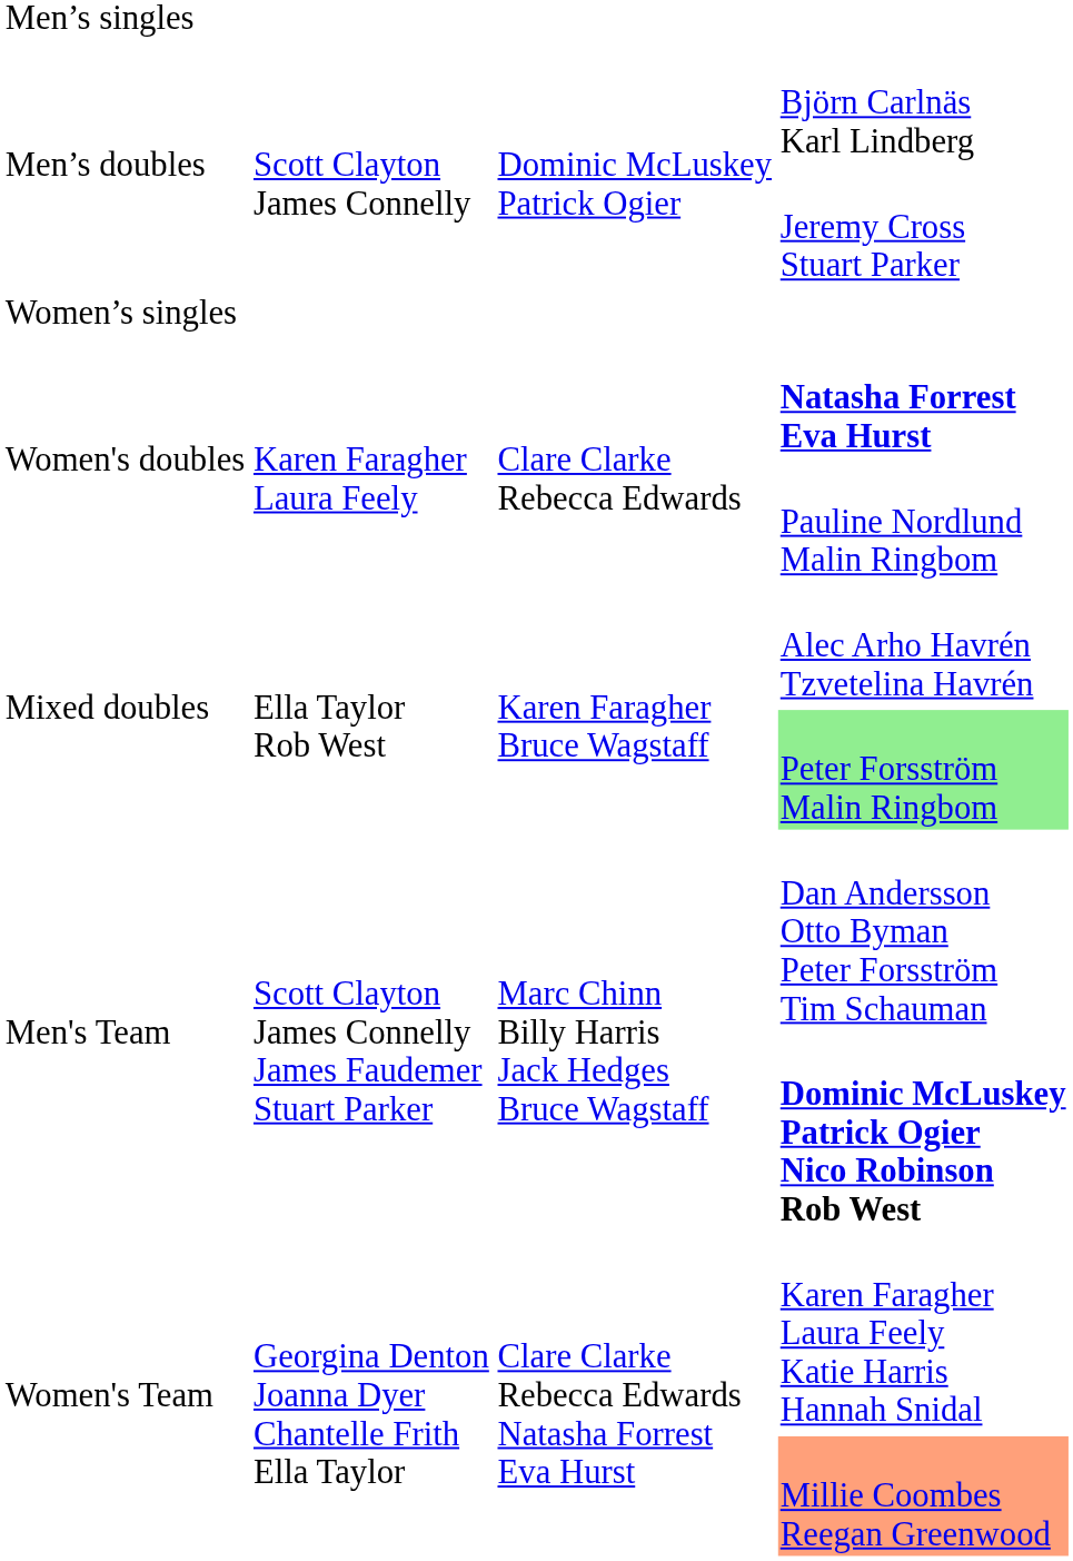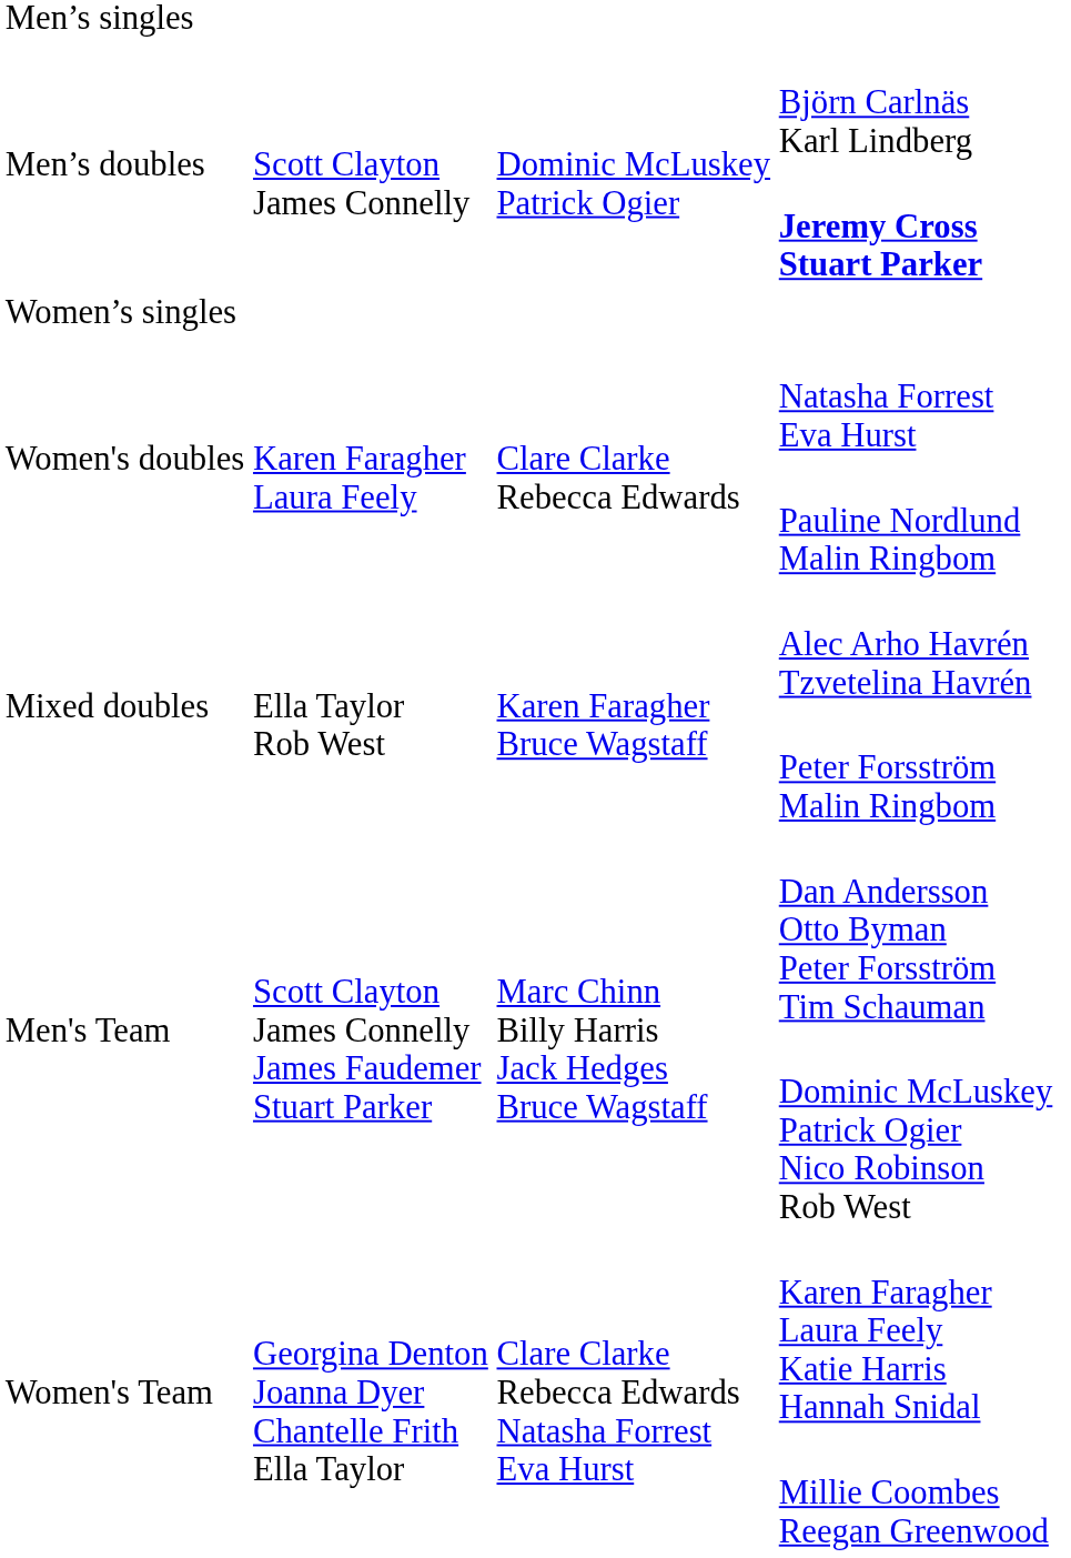 <table>
 <tr>
 <td Rowspan=2>Men’s singles</td>
 <td Rowspan=2></td>
 <td Rowspan=2></td>
 <td></td>
 </tr>
 <tr>
 <td></td>
 </tr>
 <tr>
 <td Rowspan=2>Men’s doubles</td>
 <td Rowspan=2><br><a href='#'>Scott Clayton</a><br>James Connelly</td>
 <td Rowspan=2><br><a href='#'>Dominic McLuskey</a><br><a href='#'>Patrick Ogier</a></td>
 <td><br><a href='#'>Björn Carlnäs</a><br>Karl Lindberg</td>
 </tr>
 <tr>
-<td><br><a href='#'>Jeremy Cross</a><br><a href='#'>Stuart Parker</a></td>
+<td><strong><br><a href='#'>Jeremy Cross</a><br><a href='#'>Stuart Parker</a></strong></td>
 </tr>
 <tr>
 <td Rowspan=2>Women’s singles</td>
 <td Rowspan=2></td>
 <td Rowspan=2></td>
 <td></td>
 </tr>
 <tr>
 <td></td>
 </tr>
 <tr>
 <td Rowspan=2>Women's doubles</td>
 <td Rowspan=2><br><a href='#'>Karen Faragher</a><br><a href='#'>Laura Feely</a></td>
 <td Rowspan=2><br><a href='#'>Clare Clarke</a><br>Rebecca Edwards</td>
-<td><strong><br><a href='#'>Natasha Forrest</a><br><a href='#'>Eva Hurst</a></strong></td>
+<td><br><a href='#'>Natasha Forrest</a><br><a href='#'>Eva Hurst</a></td>
 </tr>
 <tr>
 <td><br><a href='#'>Pauline Nordlund</a><br><a href='#'>Malin Ringbom</a></td>
 </tr>
 <tr>
 <td Rowspan=2>Mixed doubles</td>
 <td Rowspan=2><br>Ella Taylor<br>Rob West</td>
 <td Rowspan=2><br><a href='#'>Karen Faragher</a><br><a href='#'>Bruce Wagstaff</a></td>
 <td><br><a href='#'>Alec Arho Havrén</a><br><a href='#'>Tzvetelina Havrén</a></td>
 </tr>
 <tr>
-<td style="background: lightgreen;"><br><a href='#'>Peter Forsström</a><br><a href='#'>Malin Ringbom</a></td>
+<td><br><a href='#'>Peter Forsström</a><br><a href='#'>Malin Ringbom</a></td>
 </tr>
 <tr>
 <td Rowspan=2>Men's Team</td>
 <td Rowspan=2><br><a href='#'>Scott Clayton</a><br>James Connelly<br><a href='#'>James Faudemer</a><br><a href='#'>Stuart Parker</a></td>
 <td Rowspan=2><br><a href='#'>Marc Chinn</a><br>Billy Harris<br><a href='#'>Jack Hedges</a><br><a href='#'>Bruce Wagstaff</a></td>
 <td><br><a href='#'>Dan Andersson</a><br><a href='#'>Otto Byman</a><br><a href='#'>Peter Forsström</a><br><a href='#'>Tim Schauman</a></td>
 </tr>
 <tr>
-<td><strong><br><a href='#'>Dominic McLuskey</a><br><a href='#'>Patrick Ogier</a><br><a href='#'>Nico Robinson</a><br>Rob West</strong></td>
+<td><br><a href='#'>Dominic McLuskey</a><br><a href='#'>Patrick Ogier</a><br><a href='#'>Nico Robinson</a><br>Rob West</td>
 </tr>
 <tr>
 <td Rowspan=2>Women's Team</td>
 <td Rowspan=2><br><a href='#'>Georgina Denton</a><br><a href='#'>Joanna Dyer</a><br><a href='#'>Chantelle Frith</a><br>Ella Taylor</td>
 <td Rowspan=2><br><a href='#'>Clare Clarke</a><br>Rebecca Edwards<br><a href='#'>Natasha Forrest</a><br><a href='#'>Eva Hurst</a></td>
 <td flagathlete><br><a href='#'>Karen Faragher</a><br><a href='#'>Laura Feely</a><br><a href='#'>Katie Harris</a><br><a href='#'>Hannah Snidal</a></td>
 </tr>
 <tr>
-<td style="background: lightsalmon;"><br><a href='#'>Millie Coombes</a><br><a href='#'>Reegan Greenwood</a></td>
+<td><br><a href='#'>Millie Coombes</a><br><a href='#'>Reegan Greenwood</a></td>
 </tr>
 <tr>
 </tr>
 </table>
